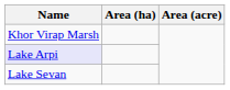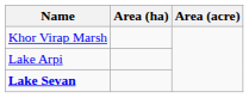 <table class="wikitable">
 <tr>
 <th scope="col" align=left>Name</th>
 <th scope="col">Area (ha)</th>
 <th scope="col">Area (acre)</th>
 </tr>
 <tr ---->
 <td><a href='#'>Khor Virap Marsh</a></td>
 <td></td>
 </tr>
 <tr ---->
-<td style="background: lavender;"><a href='#'>Lake Arpi</a></td>
+<td><a href='#'>Lake Arpi</a></td>
 <td></td>
 </tr>
 <tr ---->
-<td><a href='#'>Lake Sevan</a></td>
+<td><strong><a href='#'>Lake Sevan</a></strong></td>
 <td></td>
 </tr>
 </table>
